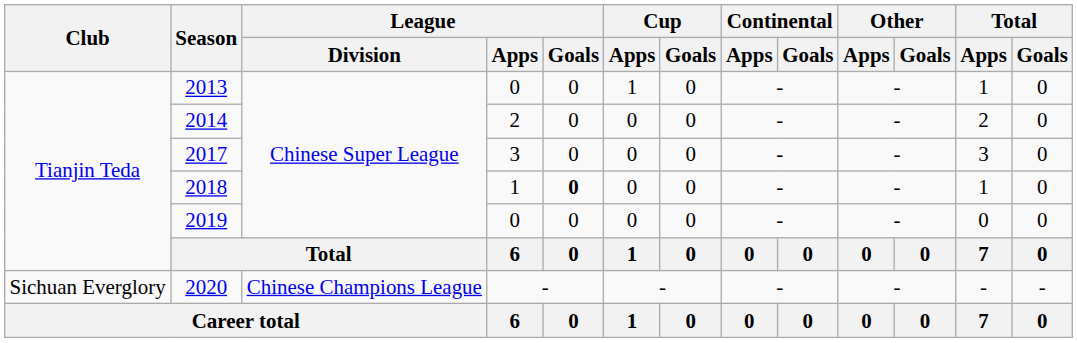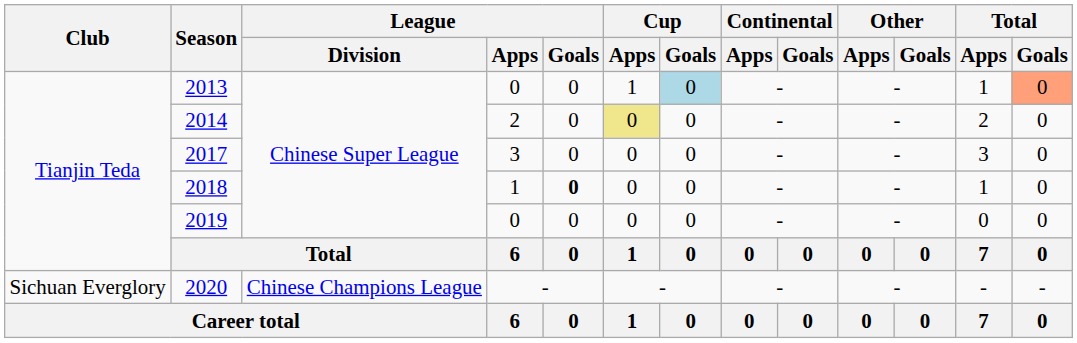 <table class="wikitable" style="text-align: center">
 <tr>
 <th rowspan="2">Club</th>
 <th rowspan="2">Season</th>
 <th colspan="3">League</th>
 <th colspan="2">Cup</th>
 <th colspan="2">Continental</th>
 <th colspan="2">Other</th>
 <th colspan="2">Total</th>
 </tr>
 <tr>
 <th>Division</th>
 <th>Apps</th>
 <th>Goals</th>
 <th>Apps</th>
 <th>Goals</th>
 <th>Apps</th>
 <th>Goals</th>
 <th>Apps</th>
 <th>Goals</th>
 <th>Apps</th>
 <th>Goals</th>
 </tr>
 <tr>
 <td rowspan=6><a href='#'>Tianjin Teda</a></td>
 <td><a href='#'>2013</a></td>
 <td rowspan=5><a href='#'>Chinese Super League</a></td>
 <td>0</td>
 <td>0</td>
 <td>1</td>
-<td>0</td>
+<td style="background: lightblue;">0</td>
 <td colspan="2">-</td>
 <td colspan="2">-</td>
 <td>1</td>
-<td>0</td>
+<td style="background: lightsalmon;">0</td>
 </tr>
 <tr>
 <td><a href='#'>2014</a></td>
 <td>2</td>
 <td>0</td>
-<td>0</td>
+<td style="background: khaki;">0</td>
 <td>0</td>
 <td colspan="2">-</td>
 <td colspan="2">-</td>
 <td>2</td>
 <td>0</td>
 </tr>
 <tr>
 <td><a href='#'>2017</a></td>
 <td>3</td>
 <td>0</td>
 <td>0</td>
 <td>0</td>
 <td colspan="2">-</td>
 <td colspan="2">-</td>
 <td>3</td>
 <td>0</td>
 </tr>
 <tr>
 <td><a href='#'>2018</a></td>
 <td>1</td>
 <td><strong>0</strong></td>
 <td>0</td>
 <td>0</td>
 <td colspan="2">-</td>
 <td colspan="2">-</td>
 <td>1</td>
 <td>0</td>
 </tr>
 <tr>
 <td><a href='#'>2019</a></td>
 <td>0</td>
 <td>0</td>
 <td>0</td>
 <td>0</td>
 <td colspan="2">-</td>
 <td colspan="2">-</td>
 <td>0</td>
 <td>0</td>
 </tr>
 <tr>
 <th colspan=2>Total</th>
 <th>6</th>
 <th>0</th>
 <th>1</th>
 <th>0</th>
 <th>0</th>
 <th>0</th>
 <th>0</th>
 <th>0</th>
 <th>7</th>
 <th>0</th>
 </tr>
 <tr>
 <td>Sichuan Everglory</td>
 <td><a href='#'>2020</a></td>
 <td><a href='#'>Chinese Champions League</a></td>
 <td colspan="2">-</td>
 <td colspan="2">-</td>
 <td colspan="2">-</td>
 <td colspan="2">-</td>
 <td>-</td>
 <td>-</td>
 </tr>
 <tr>
 <th colspan=3>Career total</th>
 <th>6</th>
 <th>0</th>
 <th>1</th>
 <th>0</th>
 <th>0</th>
 <th>0</th>
 <th>0</th>
 <th>0</th>
 <th>7</th>
 <th>0</th>
 </tr>
 </table>
